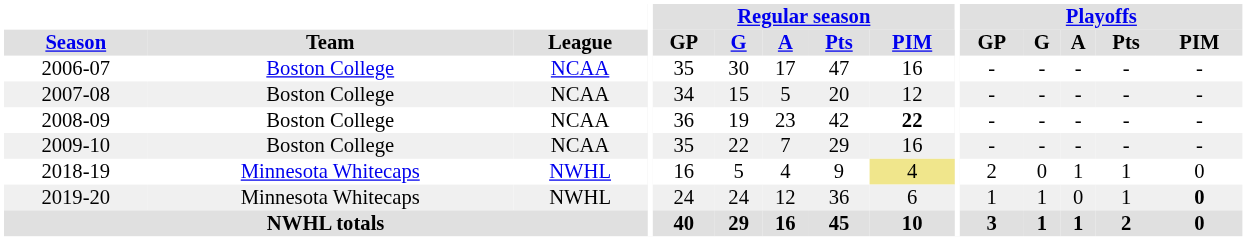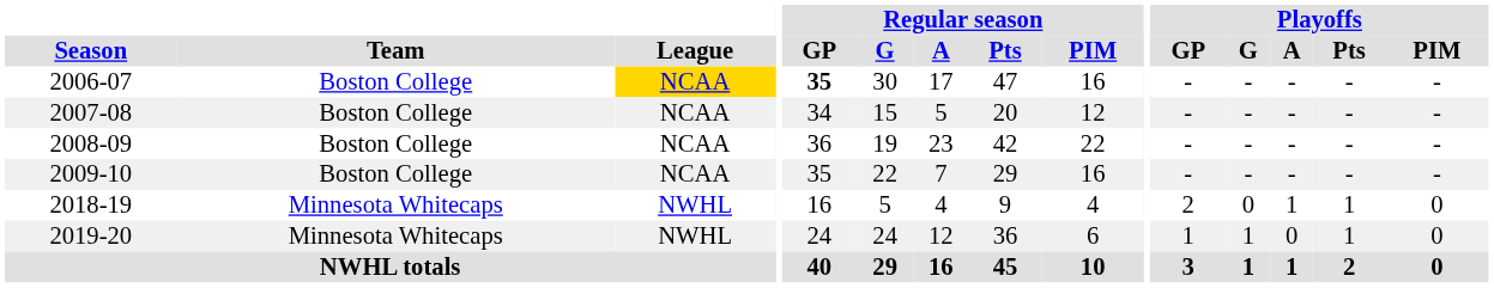 <table border="0" cellpadding="1" cellspacing="0" style="text-align:center; width:60em">
 <tr bgcolor="#e0e0e0">
 <th colspan="3" bgcolor="#ffffff"></th>
 <th rowspan="99" bgcolor="#ffffff"></th>
 <th colspan="5"><a href='#'>Regular season</a></th>
 <th rowspan="99" bgcolor="#ffffff"></th>
 <th colspan="5"><a href='#'>Playoffs</a></th>
 </tr>
 <tr bgcolor="#e0e0e0">
 <th><a href='#'>Season</a></th>
 <th>Team</th>
 <th>League</th>
 <th>GP</th>
 <th><a href='#'>G</a></th>
 <th><a href='#'>A</a></th>
 <th><a href='#'>Pts</a></th>
 <th><a href='#'>PIM</a></th>
 <th>GP</th>
 <th>G</th>
 <th>A</th>
 <th>Pts</th>
 <th>PIM</th>
 </tr>
 <tr>
 </tr>
 <tr>
 <td>2006-07</td>
 <td><a href='#'>Boston College</a></td>
-<td><a href='#'>NCAA</a></td>
-<td>35</td>
+<td style="background: gold;"><a href='#'>NCAA</a></td>
+<td><strong>35</strong></td>
 <td>30</td>
 <td>17</td>
 <td>47</td>
 <td>16</td>
 <td>-</td>
 <td>-</td>
 <td>-</td>
 <td>-</td>
 <td>-</td>
 </tr>
 <tr bgcolor="#f0f0f0">
 <td>2007-08</td>
 <td>Boston College</td>
 <td>NCAA</td>
 <td>34</td>
 <td>15</td>
 <td>5</td>
 <td>20</td>
 <td>12</td>
 <td>-</td>
 <td>-</td>
 <td>-</td>
 <td>-</td>
 <td>-</td>
 </tr>
 <tr>
 <td>2008-09</td>
 <td>Boston College</td>
 <td>NCAA</td>
 <td>36</td>
 <td>19</td>
 <td>23</td>
 <td>42</td>
-<td><strong>22</strong></td>
+<td>22</td>
 <td>-</td>
 <td>-</td>
 <td>-</td>
 <td>-</td>
 <td>-</td>
 </tr>
 <tr bgcolor="#f0f0f0">
 <td>2009-10</td>
 <td>Boston College</td>
 <td>NCAA</td>
 <td>35</td>
 <td>22</td>
 <td>7</td>
 <td>29</td>
 <td>16</td>
 <td>-</td>
 <td>-</td>
 <td>-</td>
 <td>-</td>
 <td>-</td>
 </tr>
 <tr>
 <td>2018-19</td>
 <td><a href='#'>Minnesota Whitecaps</a></td>
 <td><a href='#'>NWHL</a></td>
 <td>16</td>
 <td>5</td>
 <td>4</td>
 <td>9</td>
-<td style="background: khaki;">4</td>
+<td>4</td>
 <td>2</td>
 <td>0</td>
 <td>1</td>
 <td>1</td>
 <td>0</td>
 </tr>
 <tr bgcolor="#f0f0f0">
 <td>2019-20</td>
 <td>Minnesota Whitecaps</td>
 <td>NWHL</td>
 <td>24</td>
 <td>24</td>
 <td>12</td>
 <td>36</td>
 <td>6</td>
 <td>1</td>
 <td>1</td>
 <td>0</td>
 <td>1</td>
-<td><strong>0</strong></td>
+<td>0</td>
 </tr>
 <tr bgcolor="#e0e0e0">
 <th colspan="3">NWHL totals</th>
 <th>40</th>
 <th>29</th>
 <th>16</th>
 <th>45</th>
 <th>10</th>
 <th>3</th>
 <th>1</th>
 <th>1</th>
 <th>2</th>
 <th>0</th>
 </tr>
 </table>
